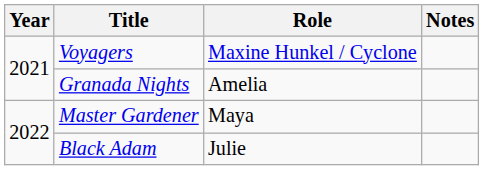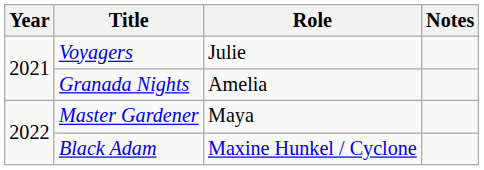 <table class="wikitable">
 <tr>
 <th>Year</th>
 <th>Title</th>
 <th>Role</th>
 <th>Notes</th>
 </tr>
 <tr>
 <td rowspan="2">2021</td>
 <td><em><a href='#'>Voyagers</a></em></td>
-<td><a href='#'>Maxine Hunkel / Cyclone</a></td>
+<td>Julie</td>
 <td></td>
 </tr>
 <tr>
 <td><em><a href='#'>Granada Nights</a></em></td>
 <td>Amelia</td>
 <td></td>
 </tr>
 <tr>
 <td rowspan="2">2022</td>
 <td><em><a href='#'>Master Gardener</a></em></td>
 <td>Maya</td>
 <td></td>
 </tr>
 <tr>
 <td><em><a href='#'>Black Adam</a></em></td>
-<td>Julie</td>
+<td><a href='#'>Maxine Hunkel / Cyclone</a></td>
 </tr>
 </table>
